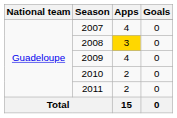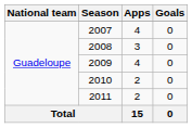 <table class="wikitable" style="text-align: center;">
 <tr>
 <th>National team</th>
 <th>Season</th>
 <th>Apps</th>
 <th>Goals</th>
 </tr>
 <tr>
 <td rowspan="6" valign="center"><a href='#'>Guadeloupe</a></td>
 </tr>
 <tr>
 <td>2007</td>
 <td>4</td>
 <td>0</td>
 </tr>
 <tr>
 <td>2008</td>
-<td style="background: gold;">3</td>
+<td>3</td>
 <td>0</td>
 </tr>
 <tr>
 <td>2009</td>
 <td>4</td>
 <td>0</td>
 </tr>
 <tr>
 <td>2010</td>
 <td>2</td>
 <td>0</td>
 </tr>
 <tr>
 <td>2011</td>
 <td>2</td>
 <td>0</td>
 </tr>
 <tr>
 <th colspan="2">Total</th>
 <th>15</th>
 <th>0</th>
 </tr>
 </table>
